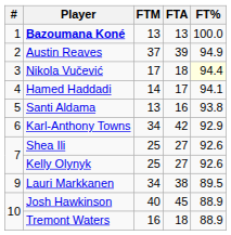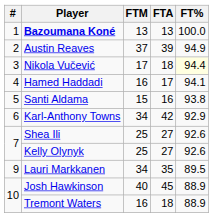 <table class=wikitable style="text-align:right; display:inline-table;">
 <tr>
 <th>#</th>
 <th>Player</th>
 <th>FTM</th>
 <th>FTA</th>
 <th>FT%</th>
 </tr>
 <tr>
 <td>1</td>
 <td align=left> <strong><a href='#'>Bazoumana Koné</a></strong></td>
 <td>13</td>
 <td>13</td>
 <td>100.0</td>
 </tr>
 <tr>
 <td>2</td>
 <td align=left> <a href='#'>Austin Reaves</a></td>
 <td>37</td>
 <td>39</td>
 <td>94.9</td>
 </tr>
 <tr>
 <td>3</td>
 <td align=left> <a href='#'>Nikola Vučević</a></td>
 <td>17</td>
 <td>18</td>
 <td style="background: lightyellow;">94.4</td>
 </tr>
 <tr>
 <td>4</td>
 <td align=left> <a href='#'>Hamed Haddadi</a></td>
-<td>14</td>
+<td>16</td>
 <td>17</td>
 <td>94.1</td>
 </tr>
 <tr>
 <td>5</td>
 <td align=left> <a href='#'>Santi Aldama</a></td>
-<td>13</td>
+<td>15</td>
 <td>16</td>
 <td>93.8</td>
 </tr>
 <tr>
 <td>6</td>
 <td align=left> <a href='#'>Karl-Anthony Towns</a></td>
 <td>34</td>
 <td>42</td>
 <td>92.9</td>
 </tr>
 <tr>
 <td rowspan=2>7</td>
 <td align=left> <a href='#'>Shea Ili</a></td>
 <td>25</td>
 <td>27</td>
 <td>92.6</td>
 </tr>
 <tr>
 <td align=left> <a href='#'>Kelly Olynyk</a></td>
 <td>25</td>
 <td>27</td>
 <td>92.6</td>
 </tr>
 <tr>
 <td>9</td>
 <td align=left> <a href='#'>Lauri Markkanen</a></td>
 <td>34</td>
-<td>38</td>
+<td>35</td>
 <td>89.5</td>
 </tr>
 <tr>
 <td rowspan=2>10</td>
 <td align=left> <a href='#'>Josh Hawkinson</a></td>
 <td>40</td>
 <td>45</td>
 <td>88.9</td>
 </tr>
 <tr>
 <td align=left> <a href='#'>Tremont Waters</a></td>
 <td>16</td>
 <td>18</td>
 <td>88.9</td>
 </tr>
 </table>
